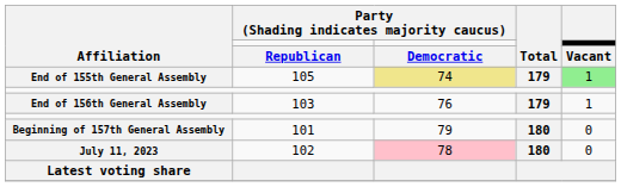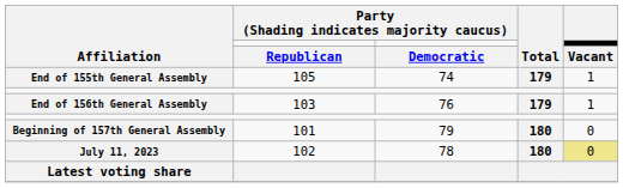 <table class=wikitable style="text-align:center; width:50%">
 <tr style="vertical-align:bottom;">
 <th rowspan=3>Affiliation</th>
 <th colspan="2">Party <div>(Shading indicates majority caucus)</div></th>
 <th rowspan=3>Total</th>
 <th></th>
 </tr>
 <tr style="height:5px">
 <td style="background-color:"></td>
 <td style="background-color:"></td>
 <td style="background-color:black"></td>
 </tr>
 <tr>
 <th><a href='#'>Republican</a></th>
 <th><a href='#'>Democratic</a></th>
 <th>Vacant</th>
 </tr>
 <tr>
 <th nowrap style="font-size:80%">End of 155th General Assembly</th>
 <td>105</td>
-<td style="background: khaki;">74</td>
+<td>74</td>
 <th>179</th>
-<td style="background: lightgreen;">1</td>
+<td>1</td>
 </tr>
 <tr>
 <td colspan="4"></td>
 </tr>
 <tr>
 <th nowrap style="font-size:80%">End of 156th General Assembly</th>
 <td>103</td>
 <td>76</td>
 <th>179</th>
 <td>1</td>
 </tr>
 <tr>
 <td colspan="4"></td>
 </tr>
 <tr>
 <th nowrap style="font-size:80%">Beginning of 157th General Assembly</th>
 <td>101</td>
 <td>79</td>
 <th>180</th>
 <td>0</td>
 </tr>
 <tr>
 <th nowrap style="font-size:80%">July 11, 2023</th>
 <td>102</td>
-<td style="background: pink;">78</td>
+<td>78</td>
 <th>180</th>
-<td>0</td>
+<td style="background: khaki;">0</td>
 </tr>
 <tr>
 <th>Latest voting share</th>
 <th colspan=1 ></th>
 <th></th>
 <th colspan=2></th>
 </tr>
 <tr>
 </tr>
 </table>
